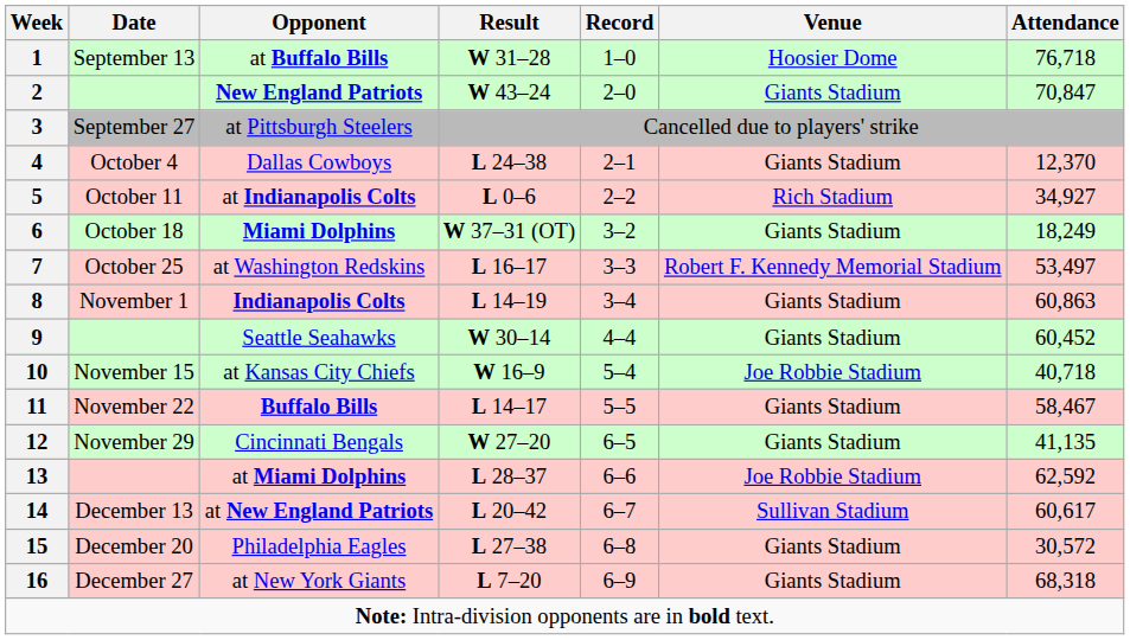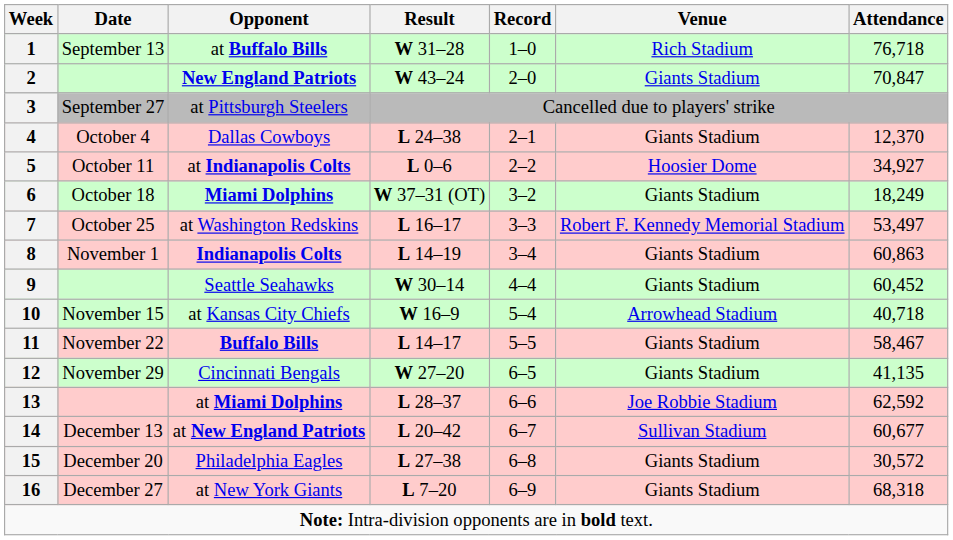 <table class="wikitable" style="text-align:center">
 <tr>
 <th>Week</th>
 <th>Date</th>
 <th>Opponent</th>
 <th>Result</th>
 <th>Record</th>
 <th>Venue</th>
 <th>Attendance</th>
 </tr>
 <tr style="background:#cfc">
 <th>1</th>
 <td>September 13</td>
 <td>at <strong><a href='#'>Buffalo Bills</a></strong></td>
 <td><strong>W</strong> 31–28</td>
 <td>1–0</td>
-<td><a href='#'>Hoosier Dome</a></td>
+<td><a href='#'>Rich Stadium</a></td>
 <td>76,718</td>
 </tr>
 <tr style="background:#cfc">
 <th>2</th>
 <td></td>
 <td><strong><a href='#'>New England Patriots</a></strong></td>
 <td><strong>W</strong> 43–24</td>
 <td>2–0</td>
 <td><a href='#'>Giants Stadium</a></td>
 <td>70,847</td>
 </tr>
 <tr style="background:#bababa">
 <th>3</th>
 <td>September 27</td>
 <td>at <a href='#'>Pittsburgh Steelers</a></td>
 <td colspan="4">Cancelled due to players' strike</td>
 </tr>
 <tr style="background:#fcc">
 <th>4</th>
 <td>October 4</td>
 <td><a href='#'>Dallas Cowboys</a></td>
 <td><strong>L</strong> 24–38</td>
 <td>2–1</td>
 <td>Giants Stadium</td>
 <td>12,370</td>
 </tr>
 <tr style="background:#fcc">
 <th>5</th>
 <td>October 11</td>
 <td>at <strong><a href='#'>Indianapolis Colts</a></strong></td>
 <td><strong>L</strong> 0–6</td>
 <td>2–2</td>
-<td><a href='#'>Rich Stadium</a></td>
+<td><a href='#'>Hoosier Dome</a></td>
 <td>34,927</td>
 </tr>
 <tr style="background:#cfc">
 <th>6</th>
 <td>October 18</td>
 <td><strong><a href='#'>Miami Dolphins</a></strong></td>
 <td><strong>W</strong> 37–31 (OT)</td>
 <td>3–2</td>
 <td>Giants Stadium</td>
 <td>18,249</td>
 </tr>
 <tr style="background:#fcc">
 <th>7</th>
 <td>October 25</td>
 <td>at <a href='#'>Washington Redskins</a></td>
 <td><strong>L</strong> 16–17</td>
 <td>3–3</td>
 <td><a href='#'>Robert F. Kennedy Memorial Stadium</a></td>
 <td>53,497</td>
 </tr>
 <tr style="background:#fcc">
 <th>8</th>
 <td>November 1</td>
 <td><strong><a href='#'>Indianapolis Colts</a></strong></td>
 <td><strong>L</strong> 14–19</td>
 <td>3–4</td>
 <td>Giants Stadium</td>
 <td>60,863</td>
 </tr>
 <tr style="background:#cfc">
 <th>9</th>
 <td></td>
 <td><a href='#'>Seattle Seahawks</a></td>
 <td><strong>W</strong> 30–14</td>
 <td>4–4</td>
 <td>Giants Stadium</td>
 <td>60,452</td>
 </tr>
 <tr style="background:#cfc">
 <th>10</th>
 <td>November 15</td>
 <td>at <a href='#'>Kansas City Chiefs</a></td>
 <td><strong>W</strong> 16–9</td>
 <td>5–4</td>
-<td><a href='#'>Joe Robbie Stadium</a></td>
+<td><a href='#'>Arrowhead Stadium</a></td>
 <td>40,718</td>
 </tr>
 <tr style="background:#fcc">
 <th>11</th>
 <td>November 22</td>
 <td><strong><a href='#'>Buffalo Bills</a></strong></td>
 <td><strong>L</strong> 14–17</td>
 <td>5–5</td>
 <td>Giants Stadium</td>
 <td>58,467</td>
 </tr>
 <tr style="background:#cfc">
 <th>12</th>
 <td>November 29</td>
 <td><a href='#'>Cincinnati Bengals</a></td>
 <td><strong>W</strong> 27–20</td>
 <td>6–5</td>
 <td>Giants Stadium</td>
 <td>41,135</td>
 </tr>
 <tr style="background:#fcc">
 <th>13</th>
 <td></td>
 <td>at <strong><a href='#'>Miami Dolphins</a></strong></td>
 <td><strong>L</strong> 28–37</td>
 <td>6–6</td>
 <td><a href='#'>Joe Robbie Stadium</a></td>
 <td>62,592</td>
 </tr>
 <tr style="background:#fcc">
 <th>14</th>
 <td>December 13</td>
 <td>at <strong><a href='#'>New England Patriots</a></strong></td>
 <td><strong>L</strong> 20–42</td>
 <td>6–7</td>
 <td><a href='#'>Sullivan Stadium</a></td>
-<td>60,617</td>
+<td>60,677</td>
 </tr>
 <tr style="background:#fcc">
 <th>15</th>
 <td>December 20</td>
 <td><a href='#'>Philadelphia Eagles</a></td>
 <td><strong>L</strong> 27–38</td>
 <td>6–8</td>
 <td>Giants Stadium</td>
 <td>30,572</td>
 </tr>
 <tr style="background:#fcc">
 <th>16</th>
 <td>December 27</td>
 <td>at <a href='#'>New York Giants</a></td>
 <td><strong>L</strong> 7–20</td>
 <td>6–9</td>
 <td>Giants Stadium</td>
 <td>68,318</td>
 </tr>
 <tr>
 <td colspan="8"><strong>Note:</strong> Intra-division opponents are in <strong>bold</strong> text.</td>
 </tr>
 </table>
